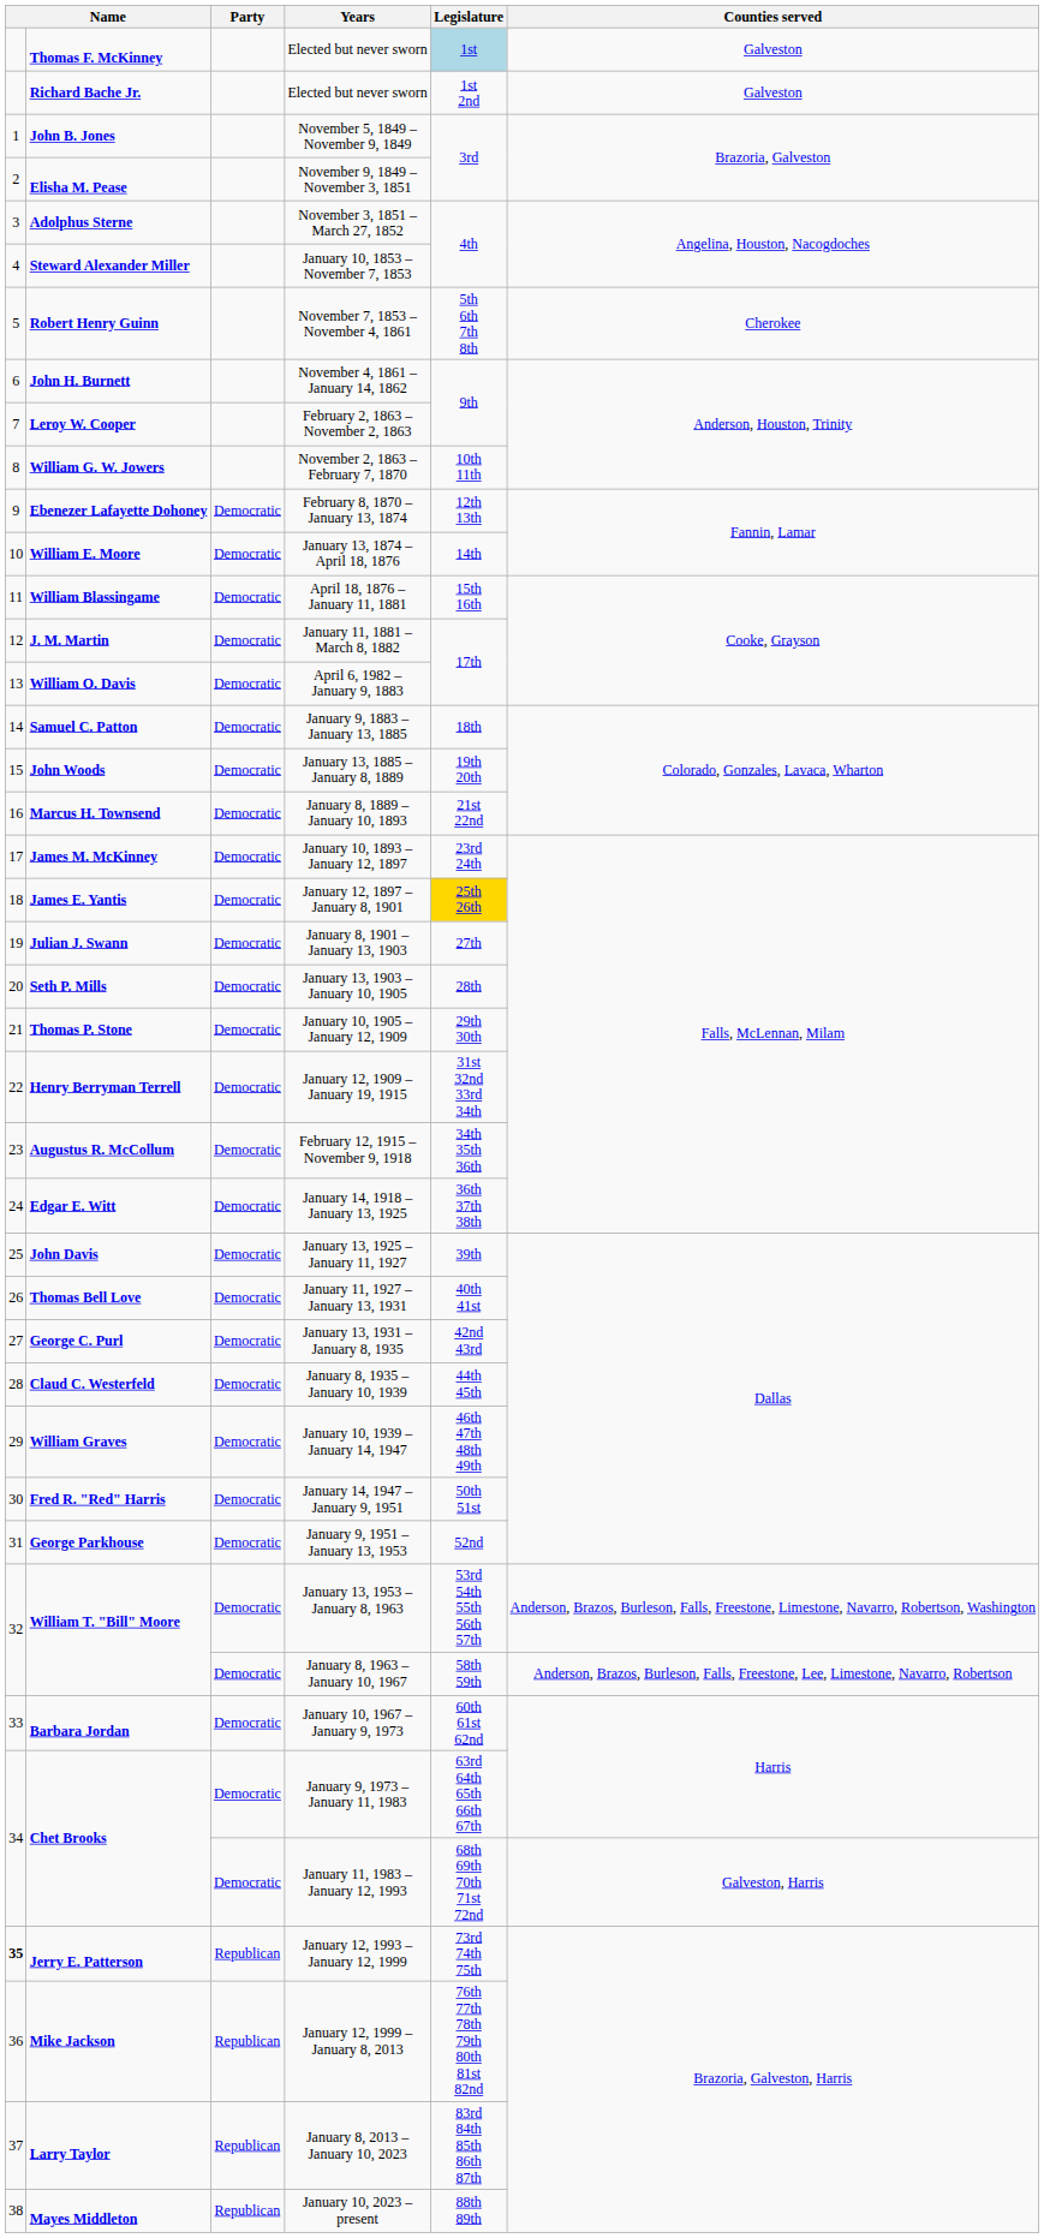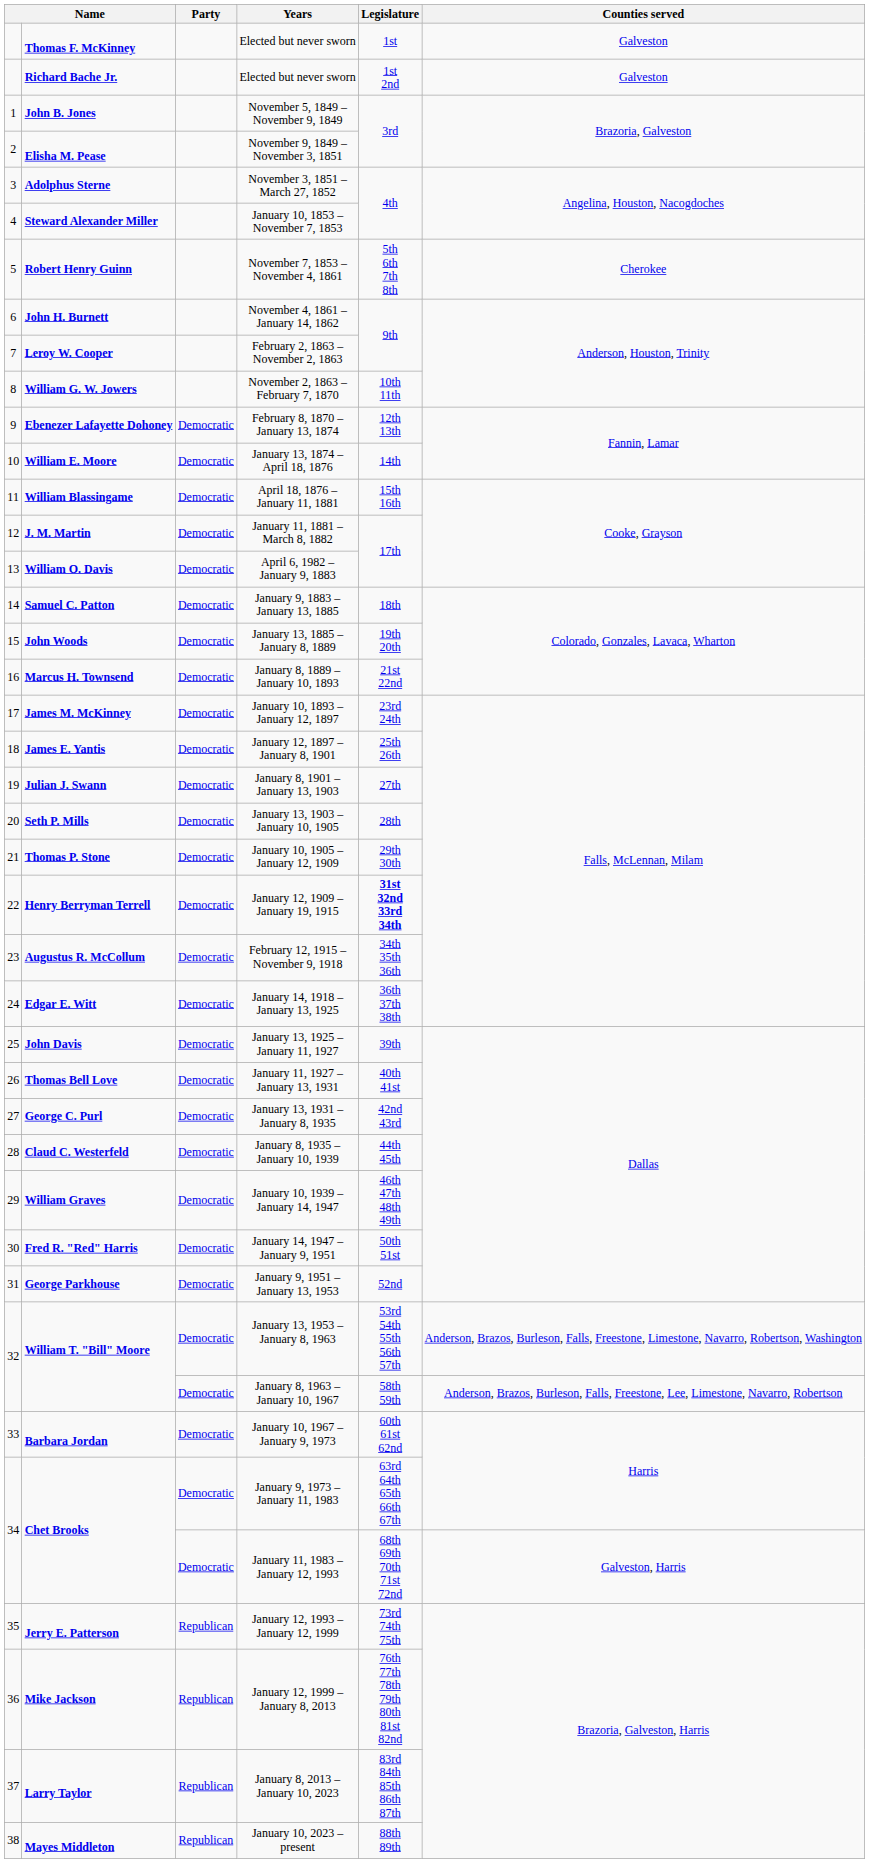 <table class=wikitable style="text-align:center">
 <tr>
 <th colspan=2>Name</th>
 <th>Party</th>
 <th>Years</th>
 <th>Legislature</th>
 <th>Counties served</th>
 </tr>
 <tr style="height:3em">
 <td></td>
 <td align=left><br><strong><a href='#'>Thomas F. McKinney</a></strong></td>
 <td></td>
 <td nowrap>Elected but never sworn</td>
-<td style="background: lightblue;"><a href='#'>1st</a></td>
+<td><a href='#'>1st</a></td>
 <td><a href='#'>Galveston</a></td>
 </tr>
 <tr style="height:3em">
 <td></td>
 <td align=left><strong><a href='#'>Richard Bache Jr.</a></strong></td>
 <td></td>
 <td nowrap>Elected but never sworn</td>
 <td><a href='#'>1st</a><br><a href='#'>2nd</a></td>
 <td><a href='#'>Galveston</a></td>
 </tr>
 <tr style="height:3em">
 <td>1</td>
 <td align=left><strong><a href='#'>John B. Jones</a></strong></td>
 <td></td>
 <td nowrap>November 5, 1849 –<br>November 9, 1849</td>
 <td rowspan=2><a href='#'>3rd</a></td>
 <td rowspan=2><a href='#'>Brazoria</a>, <a href='#'>Galveston</a></td>
 </tr>
 <tr style="height:3em">
 <td>2</td>
 <td align=left><br><strong><a href='#'>Elisha M. Pease</a></strong></td>
 <td></td>
 <td nowrap>November 9, 1849 –<br>November 3, 1851</td>
 </tr>
 <tr style="height:3em">
 <td>3</td>
 <td align=left><strong><a href='#'>Adolphus Sterne</a></strong></td>
 <td></td>
 <td nowrap>November 3, 1851 –<br>March 27, 1852</td>
 <td rowspan=2><a href='#'>4th</a></td>
 <td rowspan=2><a href='#'>Angelina</a>, <a href='#'>Houston</a>, <a href='#'>Nacogdoches</a></td>
 </tr>
 <tr style="height:3em">
 <td>4</td>
 <td align=left><strong><a href='#'>Steward Alexander Miller</a></strong></td>
 <td></td>
 <td nowrap>January 10, 1853 –<br>November 7, 1853</td>
 </tr>
 <tr style="height:3em">
 <td>5</td>
 <td align=left><strong><a href='#'>Robert Henry Guinn</a></strong></td>
 <td></td>
 <td nowrap>November 7, 1853 –<br>November 4, 1861</td>
 <td><a href='#'>5th</a><br><a href='#'>6th</a><br><a href='#'>7th</a><br><a href='#'>8th</a></td>
 <td><a href='#'>Cherokee</a></td>
 </tr>
 <tr style="height:3em">
 <td>6</td>
 <td align=left><strong><a href='#'>John H. Burnett</a></strong></td>
 <td></td>
 <td nowrap>November 4, 1861 –<br>January 14, 1862</td>
 <td rowspan=2><a href='#'>9th</a></td>
 <td rowspan=3><a href='#'>Anderson</a>, <a href='#'>Houston</a>, <a href='#'>Trinity</a></td>
 </tr>
 <tr style="height:3em">
 <td>7</td>
 <td align=left><strong><a href='#'>Leroy W. Cooper</a></strong></td>
 <td></td>
 <td nowrap>February 2, 1863 –<br>November 2, 1863</td>
 </tr>
 <tr style="height:3em">
 <td>8</td>
 <td align=left><strong><a href='#'>William G. W. Jowers</a></strong></td>
 <td></td>
 <td nowrap>November 2, 1863 –<br>February 7, 1870</td>
 <td><a href='#'>10th</a><br><a href='#'>11th</a></td>
 </tr>
 <tr style="height:3em">
 <td>9</td>
 <td align=left><strong><a href='#'>Ebenezer Lafayette Dohoney</a></strong></td>
 <td><a href='#'>Democratic</a></td>
 <td nowrap>February 8, 1870 –<br>January 13, 1874</td>
 <td><a href='#'>12th</a><br><a href='#'>13th</a></td>
 <td rowspan=2><a href='#'>Fannin</a>, <a href='#'>Lamar</a></td>
 </tr>
 <tr style="height:3em">
 <td>10</td>
 <td align=left><strong><a href='#'>William E. Moore</a></strong></td>
 <td><a href='#'>Democratic</a></td>
 <td nowrap>January 13, 1874 –<br>April 18, 1876</td>
 <td><a href='#'>14th</a></td>
 </tr>
 <tr style="height:3em">
 <td>11</td>
 <td align=left><strong><a href='#'>William Blassingame</a></strong></td>
 <td><a href='#'>Democratic</a></td>
 <td nowrap>April 18, 1876 –<br>January 11, 1881</td>
 <td><a href='#'>15th</a><br><a href='#'>16th</a></td>
 <td rowspan=3><a href='#'>Cooke</a>, <a href='#'>Grayson</a></td>
 </tr>
 <tr style="height:3em">
 <td>12</td>
 <td align=left><strong><a href='#'>J. M. Martin</a></strong></td>
 <td><a href='#'>Democratic</a></td>
 <td nowrap>January 11, 1881 –<br>March 8, 1882</td>
 <td rowspan=2><a href='#'>17th</a></td>
 </tr>
 <tr style="height:3em">
 <td>13</td>
 <td align=left><strong><a href='#'>William O. Davis</a></strong></td>
 <td><a href='#'>Democratic</a></td>
 <td nowrap>April 6, 1982 –<br>January 9, 1883</td>
 </tr>
 <tr style="height:3em">
 <td>14</td>
 <td align=left><strong><a href='#'>Samuel C. Patton</a></strong></td>
 <td><a href='#'>Democratic</a></td>
 <td nowrap>January 9, 1883 –<br>January 13, 1885</td>
 <td><a href='#'>18th</a></td>
 <td rowspan=3><a href='#'>Colorado</a>, <a href='#'>Gonzales</a>, <a href='#'>Lavaca</a>, <a href='#'>Wharton</a></td>
 </tr>
 <tr style="height:3em">
 <td>15</td>
 <td align=left><strong><a href='#'>John Woods</a></strong></td>
 <td><a href='#'>Democratic</a></td>
 <td nowrap>January 13, 1885 –<br>January 8, 1889</td>
 <td><a href='#'>19th</a><br><a href='#'>20th</a></td>
 </tr>
 <tr style="height:3em">
 <td>16</td>
 <td align=left><strong><a href='#'>Marcus H. Townsend</a></strong></td>
 <td><a href='#'>Democratic</a></td>
 <td nowrap>January 8, 1889 –<br>January 10, 1893</td>
 <td><a href='#'>21st</a><br><a href='#'>22nd</a></td>
 </tr>
 <tr style="height:3em">
 <td>17</td>
 <td align=left><strong><a href='#'>James M. McKinney</a></strong></td>
 <td><a href='#'>Democratic</a></td>
 <td nowrap>January 10, 1893 –<br>January 12, 1897</td>
 <td><a href='#'>23rd</a><br><a href='#'>24th</a></td>
 <td rowspan=8><a href='#'>Falls</a>, <a href='#'>McLennan</a>, <a href='#'>Milam</a></td>
 </tr>
 <tr style="height:3em">
 <td>18</td>
 <td align=left><strong><a href='#'>James E. Yantis</a></strong></td>
 <td><a href='#'>Democratic</a></td>
 <td nowrap>January 12, 1897 –<br>January 8, 1901</td>
-<td style="background: gold;"><a href='#'>25th</a><br><a href='#'>26th</a></td>
+<td><a href='#'>25th</a><br><a href='#'>26th</a></td>
 </tr>
 <tr style="height:3em">
 <td>19</td>
 <td align=left><strong><a href='#'>Julian J. Swann</a></strong></td>
 <td><a href='#'>Democratic</a></td>
 <td nowrap>January 8, 1901 –<br>January 13, 1903</td>
 <td><a href='#'>27th</a></td>
 </tr>
 <tr style="height:3em">
 <td>20</td>
 <td align=left><strong><a href='#'>Seth P. Mills</a></strong></td>
 <td><a href='#'>Democratic</a></td>
 <td nowrap>January 13, 1903 –<br>January 10, 1905</td>
 <td><a href='#'>28th</a></td>
 </tr>
 <tr style="height:3em">
 <td>21</td>
 <td align=left><strong><a href='#'>Thomas P. Stone</a></strong></td>
 <td><a href='#'>Democratic</a></td>
 <td nowrap>January 10, 1905 –<br>January 12, 1909</td>
 <td><a href='#'>29th</a><br><a href='#'>30th</a></td>
 </tr>
 <tr style="height:3em">
 <td>22</td>
 <td align=left><strong><a href='#'>Henry Berryman Terrell</a></strong></td>
 <td><a href='#'>Democratic</a></td>
 <td nowrap>January 12, 1909 –<br>January 19, 1915</td>
-<td><a href='#'>31st</a><br><a href='#'>32nd</a><br><a href='#'>33rd</a><br><a href='#'>34th</a></td>
+<td><strong><a href='#'>31st</a><br><a href='#'>32nd</a><br><a href='#'>33rd</a><br><a href='#'>34th</a></strong></td>
 </tr>
 <tr style="height:3em">
 <td>23</td>
 <td align=left><strong><a href='#'>Augustus R. McCollum</a></strong></td>
 <td><a href='#'>Democratic</a></td>
 <td nowrap>February 12, 1915 –<br>November 9, 1918</td>
 <td><a href='#'>34th</a><br><a href='#'>35th</a><br><a href='#'>36th</a></td>
 </tr>
 <tr style="height:3em">
 <td>24</td>
 <td align=left><strong><a href='#'>Edgar E. Witt</a></strong></td>
 <td><a href='#'>Democratic</a></td>
 <td nowrap>January 14, 1918 –<br>January 13, 1925</td>
 <td><a href='#'>36th</a><br><a href='#'>37th</a><br><a href='#'>38th</a></td>
 </tr>
 <tr style="height:3em">
 <td>25</td>
 <td align=left><strong><a href='#'>John Davis</a></strong></td>
 <td><a href='#'>Democratic</a></td>
 <td nowrap>January 13, 1925 –<br>January 11, 1927</td>
 <td><a href='#'>39th</a></td>
 <td rowspan=7><a href='#'>Dallas</a></td>
 </tr>
 <tr style="height:3em">
 <td>26</td>
 <td align=left><strong><a href='#'>Thomas Bell Love</a></strong></td>
 <td><a href='#'>Democratic</a></td>
 <td nowrap>January 11, 1927 –<br>January 13, 1931</td>
 <td><a href='#'>40th</a><br><a href='#'>41st</a></td>
 </tr>
 <tr style="height:3em">
 <td>27</td>
 <td align=left><strong><a href='#'>George C. Purl</a></strong></td>
 <td><a href='#'>Democratic</a></td>
 <td nowrap>January 13, 1931 –<br>January 8, 1935</td>
 <td><a href='#'>42nd</a><br><a href='#'>43rd</a></td>
 </tr>
 <tr style="height:3em">
 <td>28</td>
 <td align=left><strong><a href='#'>Claud C. Westerfeld</a></strong></td>
 <td><a href='#'>Democratic</a></td>
 <td nowrap>January 8, 1935 –<br>January 10, 1939</td>
 <td><a href='#'>44th</a><br><a href='#'>45th</a></td>
 </tr>
 <tr style="height:3em">
 <td>29</td>
 <td align=left><strong><a href='#'>William Graves</a></strong></td>
 <td><a href='#'>Democratic</a></td>
 <td nowrap>January 10, 1939 –<br>January 14, 1947</td>
 <td><a href='#'>46th</a><br><a href='#'>47th</a><br><a href='#'>48th</a><br><a href='#'>49th</a></td>
 </tr>
 <tr style="height:3em">
 <td>30</td>
 <td align=left><strong><a href='#'>Fred R. "Red" Harris</a></strong></td>
 <td><a href='#'>Democratic</a></td>
 <td nowrap>January 14, 1947 –<br>January 9, 1951</td>
 <td><a href='#'>50th</a><br><a href='#'>51st</a></td>
 </tr>
 <tr style="height:3em">
 <td>31</td>
 <td align=left><strong><a href='#'>George Parkhouse</a></strong></td>
 <td><a href='#'>Democratic</a></td>
 <td nowrap>January 9, 1951 –<br>January 13, 1953</td>
 <td><a href='#'>52nd</a></td>
 </tr>
 <tr style="height:3em">
 <td rowspan=2>32</td>
 <td rowspan=2 align=left><strong><a href='#'>William T. "Bill" Moore</a></strong></p></td>
 <td><a href='#'>Democratic</a></td>
 <td nowrap>January 13, 1953 –<br>January 8, 1963</p></td>
 <td><a href='#'>53rd</a><br><a href='#'>54th</a><br><a href='#'>55th</a><br><a href='#'>56th</a><br><a href='#'>57th</a></td>
 <td><a href='#'>Anderson</a>, <a href='#'>Brazos</a>, <a href='#'>Burleson</a>, <a href='#'>Falls</a>, <a href='#'>Freestone</a>, <a href='#'>Limestone</a>, <a href='#'>Navarro</a>, <a href='#'>Robertson</a>, <a href='#'>Washington</a></td>
 </tr>
 <tr style="height:3em">
 <td><a href='#'>Democratic</a></td>
 <td nowrap>January 8, 1963 –<br>January 10, 1967</td>
 <td><a href='#'>58th</a><br><a href='#'>59th</a></td>
 <td><a href='#'>Anderson</a>, <a href='#'>Brazos</a>, <a href='#'>Burleson</a>, <a href='#'>Falls</a>, <a href='#'>Freestone</a>, <a href='#'>Lee</a>, <a href='#'>Limestone</a>, <a href='#'>Navarro</a>, <a href='#'>Robertson</a></td>
 </tr>
 <tr style="height:3em">
 <td>33</td>
 <td align=left><br><strong><a href='#'>Barbara Jordan</a></strong></td>
 <td><a href='#'>Democratic</a></td>
 <td nowrap>January 10, 1967 –<br>January 9, 1973</td>
 <td><a href='#'>60th</a><br><a href='#'>61st</a><br><a href='#'>62nd</a></td>
 <td rowspan=2><a href='#'>Harris</a></td>
 </tr>
 <tr style="height:3em">
 <td rowspan=2>34</td>
 <td rowspan=2 align=left><strong><a href='#'>Chet Brooks</a></strong></td>
 <td><a href='#'>Democratic</a></td>
 <td nowrap>January 9, 1973 –<br>January 11, 1983</td>
 <td><a href='#'>63rd</a><br><a href='#'>64th</a><br><a href='#'>65th</a><br><a href='#'>66th</a><br><a href='#'>67th</a></td>
 </tr>
 <tr style="height:3em">
 <td><a href='#'>Democratic</a></td>
 <td nowrap>January 11, 1983 –<br>January 12, 1993</td>
 <td><a href='#'>68th</a><br><a href='#'>69th</a><br><a href='#'>70th</a><br><a href='#'>71st</a><br><a href='#'>72nd</a></td>
 <td><a href='#'>Galveston</a>, <a href='#'>Harris</a></td>
 </tr>
 <tr style="height:3em">
-<td><strong>35</strong></td>
+<td>35</td>
 <td align=left><br><strong><a href='#'>Jerry E. Patterson</a></strong></td>
 <td><a href='#'>Republican</a></td>
 <td nowrap>January 12, 1993 –<br>January 12, 1999</td>
 <td><a href='#'>73rd</a><br><a href='#'>74th</a><br><a href='#'>75th</a></td>
 <td rowspan=4><a href='#'>Brazoria</a>, <a href='#'>Galveston</a>, <a href='#'>Harris</a></td>
 </tr>
 <tr style="height:3em">
 <td>36</td>
 <td align=left><strong><a href='#'>Mike Jackson</a></strong></td>
 <td><a href='#'>Republican</a></td>
 <td nowrap>January 12, 1999 –<br>January 8, 2013</td>
 <td><a href='#'>76th</a><br><a href='#'>77th</a><br><a href='#'>78th</a><br><a href='#'>79th</a><br><a href='#'>80th</a><br><a href='#'>81st</a><br><a href='#'>82nd</a></td>
 </tr>
 <tr style="height:3em">
 <td>37</td>
 <td align=left><br><strong><a href='#'>Larry Taylor</a></strong></td>
 <td><a href='#'>Republican</a></td>
 <td nowrap>January 8, 2013 –<br>January 10, 2023</td>
 <td><a href='#'>83rd</a><br><a href='#'>84th</a><br><a href='#'>85th</a><br><a href='#'>86th</a><br><a href='#'>87th</a></td>
 </tr>
 <tr style="height:3em">
 <td>38</td>
 <td align=left><br><strong><a href='#'>Mayes Middleton</a></strong></td>
 <td><a href='#'>Republican</a></td>
 <td>January 10, 2023 –<br>present</td>
 <td><a href='#'>88th</a><br><a href='#'>89th</a></td>
 </tr>
 </table>
